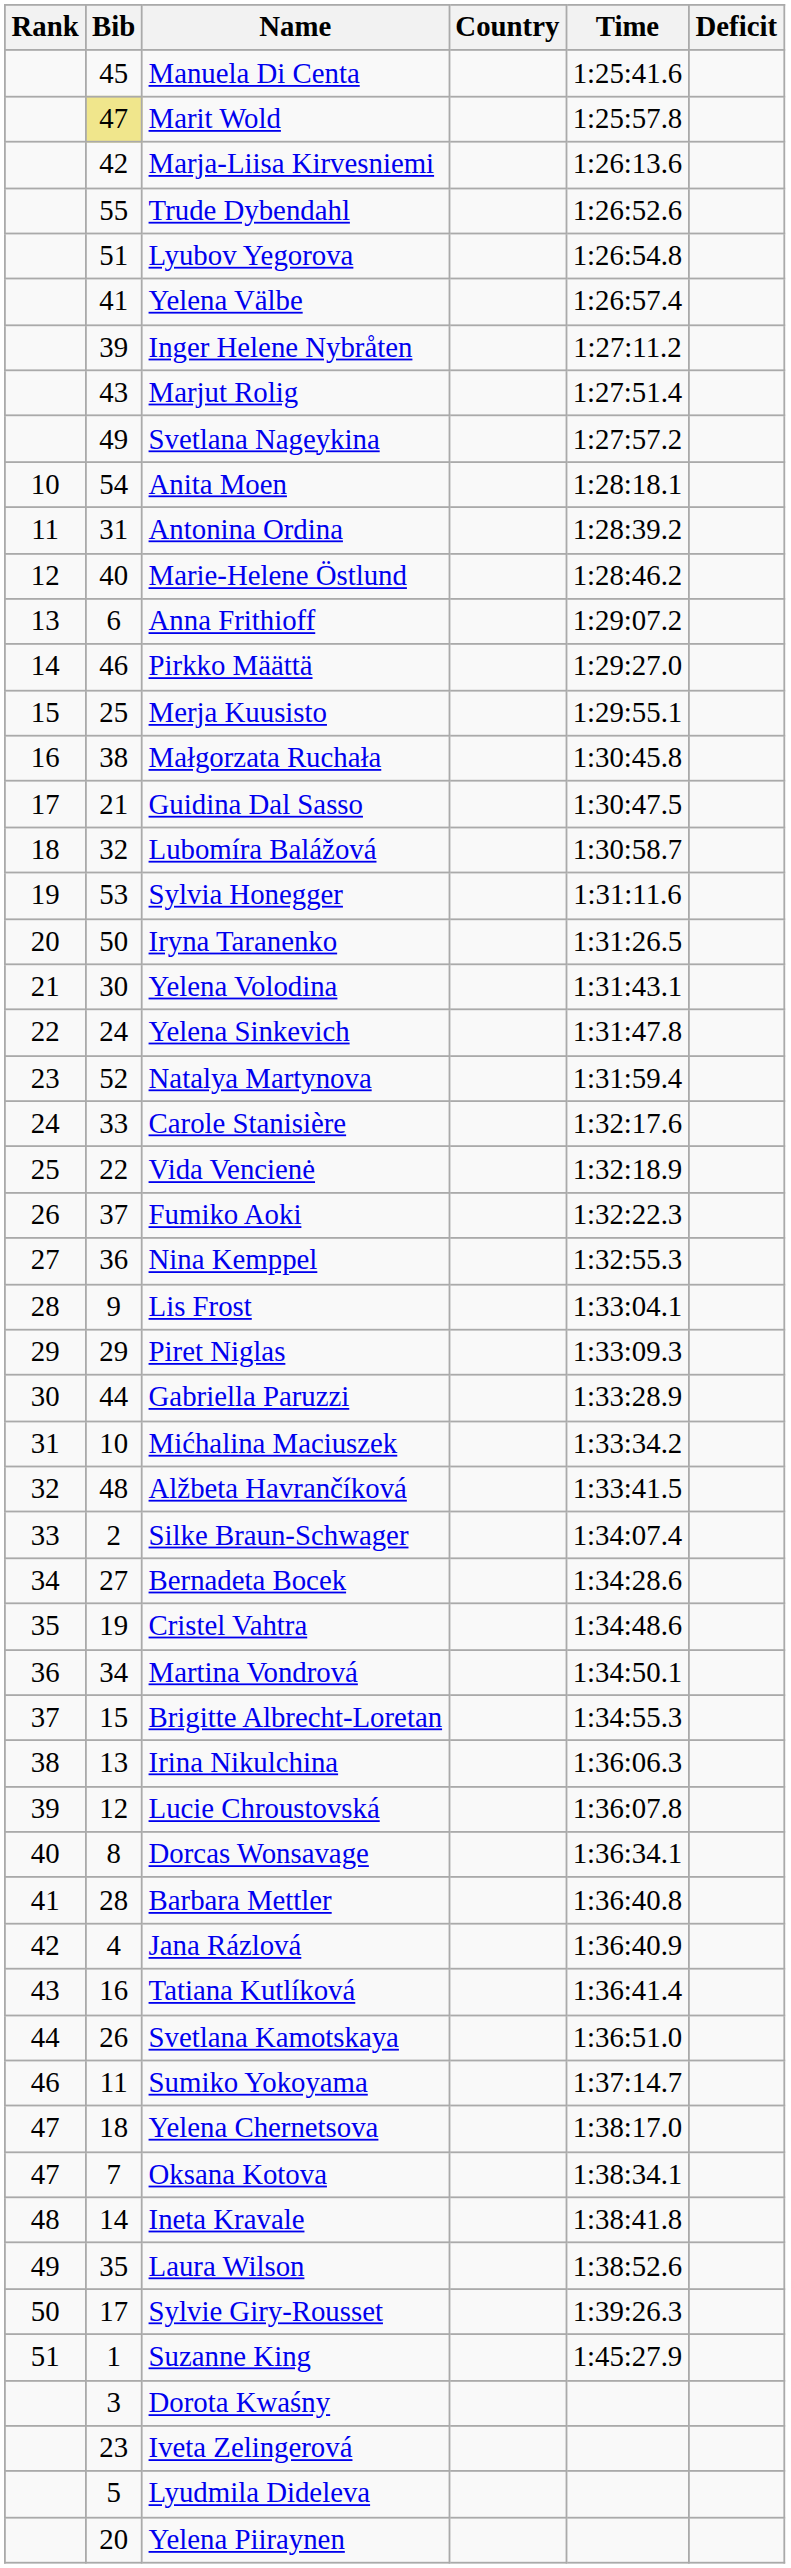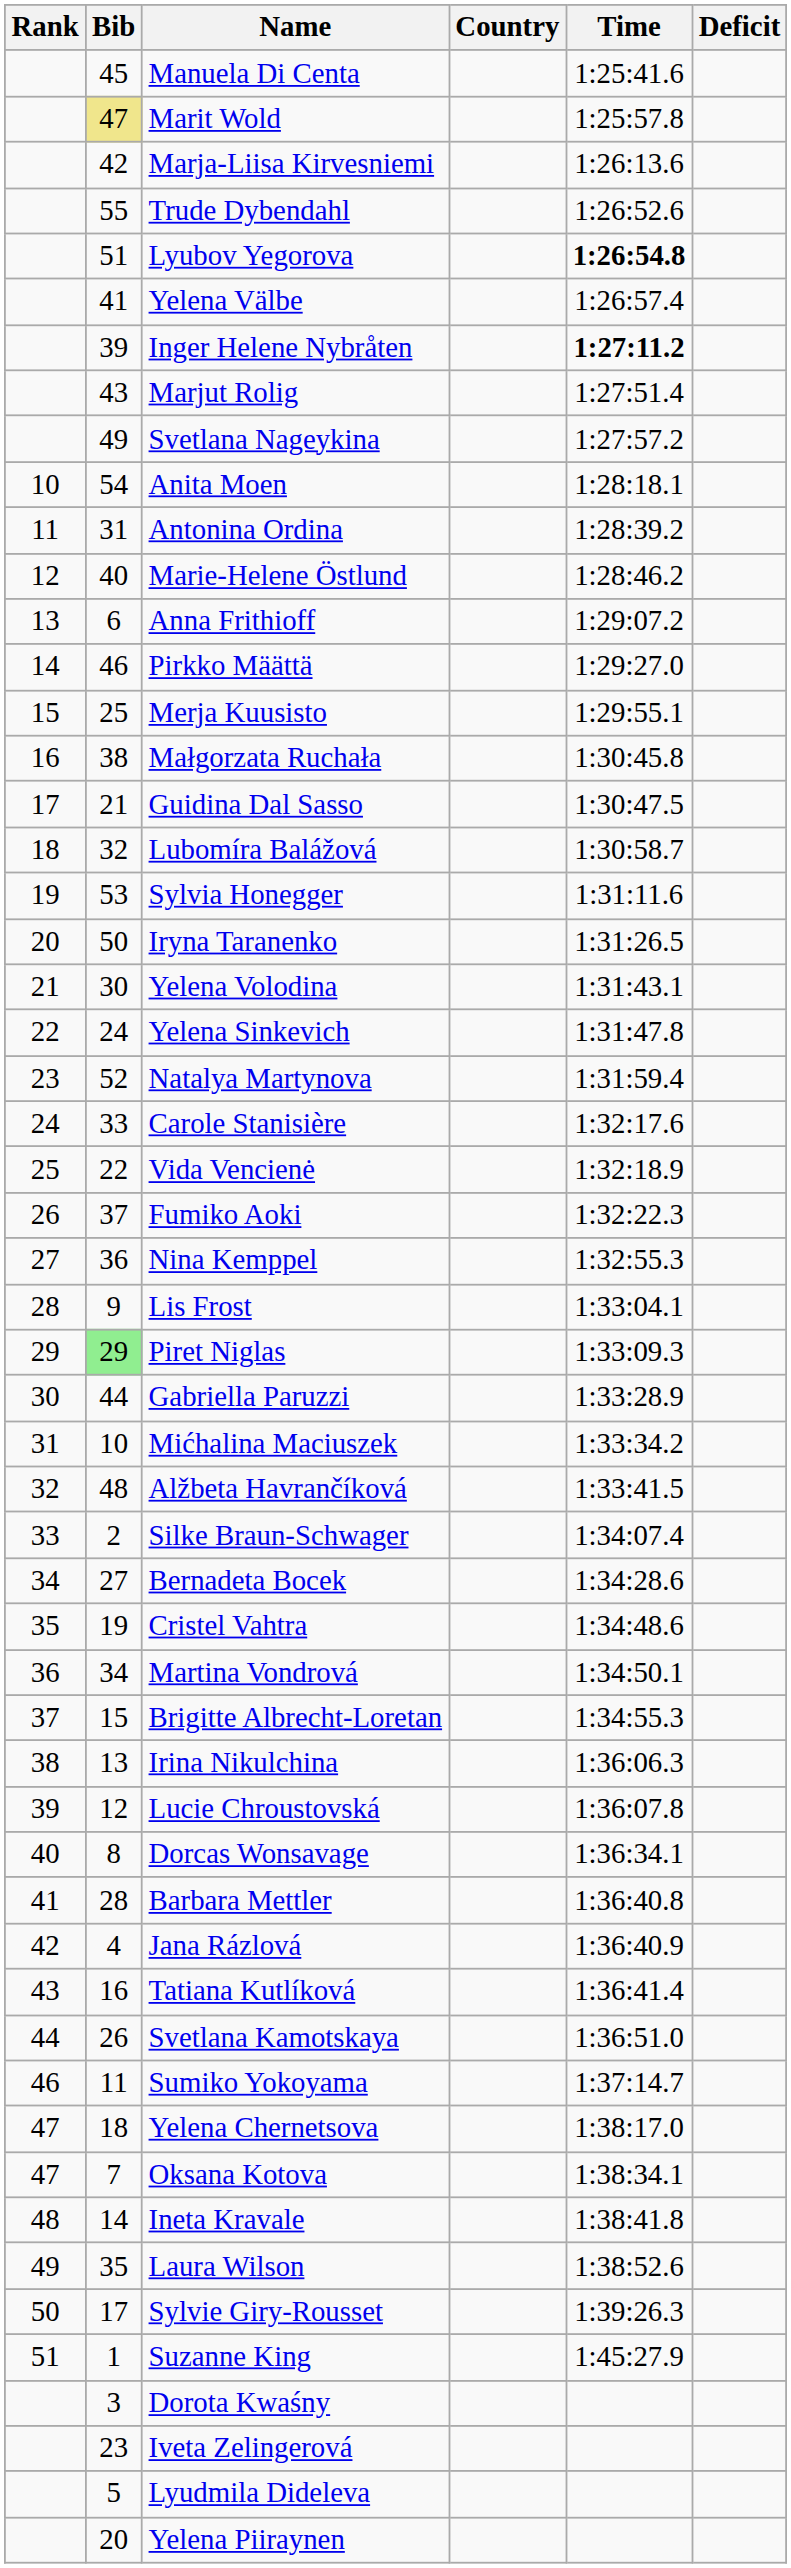 <table class="wikitable sortable" style="text-align:center">
 <tr>
 <th>Rank</th>
 <th>Bib</th>
 <th>Name</th>
 <th>Country</th>
 <th>Time</th>
 <th>Deficit</th>
 </tr>
 <tr>
 <td></td>
 <td>45</td>
 <td align="left"><a href='#'>Manuela Di Centa</a></td>
 <td align="left"></td>
 <td>1:25:41.6</td>
 <td></td>
 </tr>
 <tr>
 <td></td>
 <td style="background: khaki;">47</td>
 <td align="left"><a href='#'>Marit Wold</a></td>
 <td align="left"></td>
 <td>1:25:57.8</td>
 <td align=right></td>
 </tr>
 <tr>
 <td></td>
 <td>42</td>
 <td align="left"><a href='#'>Marja-Liisa Kirvesniemi</a></td>
 <td align="left"></td>
 <td>1:26:13.6</td>
 <td align=right></td>
 </tr>
 <tr>
 <td></td>
 <td>55</td>
 <td align="left"><a href='#'>Trude Dybendahl</a></td>
 <td align="left"></td>
 <td>1:26:52.6</td>
 <td align=right></td>
 </tr>
 <tr>
 <td></td>
 <td>51</td>
 <td align="left"><a href='#'>Lyubov Yegorova</a></td>
 <td align="left"></td>
-<td>1:26:54.8</td>
+<td><strong>1:26:54.8</strong></td>
 <td align=right></td>
 </tr>
 <tr>
 <td></td>
 <td>41</td>
 <td align="left"><a href='#'>Yelena Välbe</a></td>
 <td align="left"></td>
 <td>1:26:57.4</td>
 <td align=right></td>
 </tr>
 <tr>
 <td></td>
 <td>39</td>
 <td align="left"><a href='#'>Inger Helene Nybråten</a></td>
 <td align="left"></td>
-<td>1:27:11.2</td>
+<td><strong>1:27:11.2</strong></td>
 <td align=right></td>
 </tr>
 <tr>
 <td></td>
 <td>43</td>
 <td align="left"><a href='#'>Marjut Rolig</a></td>
 <td align="left"></td>
 <td>1:27:51.4</td>
 <td align=right></td>
 </tr>
 <tr>
 <td></td>
 <td>49</td>
 <td align="left"><a href='#'>Svetlana Nageykina</a></td>
 <td align="left"></td>
 <td>1:27:57.2</td>
 <td align=right></td>
 </tr>
 <tr>
 <td>10</td>
 <td>54</td>
 <td align="left"><a href='#'>Anita Moen</a></td>
 <td align="left"></td>
 <td>1:28:18.1</td>
 <td align=right></td>
 </tr>
 <tr>
 <td>11</td>
 <td>31</td>
 <td align="left"><a href='#'>Antonina Ordina</a></td>
 <td align="left"></td>
 <td>1:28:39.2</td>
 <td align=right></td>
 </tr>
 <tr>
 <td>12</td>
 <td>40</td>
 <td align="left"><a href='#'>Marie-Helene Östlund</a></td>
 <td align="left"></td>
 <td>1:28:46.2</td>
 <td align=right></td>
 </tr>
 <tr>
 <td>13</td>
 <td>6</td>
 <td align="left"><a href='#'>Anna Frithioff</a></td>
 <td align="left"></td>
 <td>1:29:07.2</td>
 <td align=right></td>
 </tr>
 <tr>
 <td>14</td>
 <td>46</td>
 <td align="left"><a href='#'>Pirkko Määttä</a></td>
 <td align="left"></td>
 <td>1:29:27.0</td>
 <td align=right></td>
 </tr>
 <tr>
 <td>15</td>
 <td>25</td>
 <td align="left"><a href='#'>Merja Kuusisto</a></td>
 <td align="left"></td>
 <td>1:29:55.1</td>
 <td align=right></td>
 </tr>
 <tr>
 <td>16</td>
 <td>38</td>
 <td align="left"><a href='#'>Małgorzata Ruchała</a></td>
 <td align="left"></td>
 <td>1:30:45.8</td>
 <td align=right></td>
 </tr>
 <tr>
 <td>17</td>
 <td>21</td>
 <td align="left"><a href='#'>Guidina Dal Sasso</a></td>
 <td align="left"></td>
 <td>1:30:47.5</td>
 <td align=right></td>
 </tr>
 <tr>
 <td>18</td>
 <td>32</td>
 <td align="left"><a href='#'>Lubomíra Balážová</a></td>
 <td align="left"></td>
 <td>1:30:58.7</td>
 <td align=right></td>
 </tr>
 <tr>
 <td>19</td>
 <td>53</td>
 <td align="left"><a href='#'>Sylvia Honegger</a></td>
 <td align="left"></td>
 <td>1:31:11.6</td>
 <td align=right></td>
 </tr>
 <tr>
 <td>20</td>
 <td>50</td>
 <td align="left"><a href='#'>Iryna Taranenko</a></td>
 <td align="left"></td>
 <td>1:31:26.5</td>
 <td align=right></td>
 </tr>
 <tr>
 <td>21</td>
 <td>30</td>
 <td align="left"><a href='#'>Yelena Volodina</a></td>
 <td align="left"></td>
 <td>1:31:43.1</td>
 <td align=right></td>
 </tr>
 <tr>
 <td>22</td>
 <td>24</td>
 <td align="left"><a href='#'>Yelena Sinkevich</a></td>
 <td align="left"></td>
 <td>1:31:47.8</td>
 <td align=right></td>
 </tr>
 <tr>
 <td>23</td>
 <td>52</td>
 <td align="left"><a href='#'>Natalya Martynova</a></td>
 <td align="left"></td>
 <td>1:31:59.4</td>
 <td align=right></td>
 </tr>
 <tr>
 <td>24</td>
 <td>33</td>
 <td align="left"><a href='#'>Carole Stanisière</a></td>
 <td align="left"></td>
 <td>1:32:17.6</td>
 <td align=right></td>
 </tr>
 <tr>
 <td>25</td>
 <td>22</td>
 <td align="left"><a href='#'>Vida Vencienė</a></td>
 <td align="left"></td>
 <td>1:32:18.9</td>
 <td align=right></td>
 </tr>
 <tr>
 <td>26</td>
 <td>37</td>
 <td align="left"><a href='#'>Fumiko Aoki</a></td>
 <td align="left"></td>
 <td>1:32:22.3</td>
 <td align=right></td>
 </tr>
 <tr>
 <td>27</td>
 <td>36</td>
 <td align="left"><a href='#'>Nina Kemppel</a></td>
 <td align="left"></td>
 <td>1:32:55.3</td>
 <td align=right></td>
 </tr>
 <tr>
 <td>28</td>
 <td>9</td>
 <td align="left"><a href='#'>Lis Frost</a></td>
 <td align="left"></td>
 <td>1:33:04.1</td>
 <td align=right></td>
 </tr>
 <tr>
 <td>29</td>
-<td>29</td>
+<td style="background: lightgreen;">29</td>
 <td align="left"><a href='#'>Piret Niglas</a></td>
 <td align="left"></td>
 <td>1:33:09.3</td>
 <td align=right></td>
 </tr>
 <tr>
 <td>30</td>
 <td>44</td>
 <td align="left"><a href='#'>Gabriella Paruzzi</a></td>
 <td align="left"></td>
 <td>1:33:28.9</td>
 <td align=right></td>
 </tr>
 <tr>
 <td>31</td>
 <td>10</td>
 <td align="left"><a href='#'>Mićhalina Maciuszek</a></td>
 <td align="left"></td>
 <td>1:33:34.2</td>
 <td align=right></td>
 </tr>
 <tr>
 <td>32</td>
 <td>48</td>
 <td align="left"><a href='#'>Alžbeta Havrančíková</a></td>
 <td align="left"></td>
 <td>1:33:41.5</td>
 <td align=right></td>
 </tr>
 <tr>
 <td>33</td>
 <td>2</td>
 <td align="left"><a href='#'>Silke Braun-Schwager</a></td>
 <td align="left"></td>
 <td>1:34:07.4</td>
 <td align=right></td>
 </tr>
 <tr>
 <td>34</td>
 <td>27</td>
 <td align="left"><a href='#'>Bernadeta Bocek</a></td>
 <td align="left"></td>
 <td>1:34:28.6</td>
 <td align=right></td>
 </tr>
 <tr>
 <td>35</td>
 <td>19</td>
 <td align="left"><a href='#'>Cristel Vahtra</a></td>
 <td align="left"></td>
 <td>1:34:48.6</td>
 <td align=right></td>
 </tr>
 <tr>
 <td>36</td>
 <td>34</td>
 <td align="left"><a href='#'>Martina Vondrová</a></td>
 <td align="left"></td>
 <td>1:34:50.1</td>
 <td align=right></td>
 </tr>
 <tr>
 <td>37</td>
 <td>15</td>
 <td align="left"><a href='#'>Brigitte Albrecht-Loretan</a></td>
 <td align="left"></td>
 <td>1:34:55.3</td>
 <td align=right></td>
 </tr>
 <tr>
 <td>38</td>
 <td>13</td>
 <td align="left"><a href='#'>Irina Nikulchina</a></td>
 <td align="left"></td>
 <td>1:36:06.3</td>
 <td align=right></td>
 </tr>
 <tr>
 <td>39</td>
 <td>12</td>
 <td align="left"><a href='#'>Lucie Chroustovská</a></td>
 <td align="left"></td>
 <td>1:36:07.8</td>
 <td align=right></td>
 </tr>
 <tr>
 <td>40</td>
 <td>8</td>
 <td align="left"><a href='#'>Dorcas Wonsavage</a></td>
 <td align="left"></td>
 <td>1:36:34.1</td>
 <td align=right></td>
 </tr>
 <tr>
 <td>41</td>
 <td>28</td>
 <td align="left"><a href='#'>Barbara Mettler</a></td>
 <td align="left"></td>
 <td>1:36:40.8</td>
 <td align=right></td>
 </tr>
 <tr>
 <td>42</td>
 <td>4</td>
 <td align="left"><a href='#'>Jana Rázlová</a></td>
 <td align="left"></td>
 <td>1:36:40.9</td>
 <td align=right></td>
 </tr>
 <tr>
 <td>43</td>
 <td>16</td>
 <td align="left"><a href='#'>Tatiana Kutlíková</a></td>
 <td align="left"></td>
 <td>1:36:41.4</td>
 <td align=right></td>
 </tr>
 <tr>
 <td>44</td>
 <td>26</td>
 <td align="left"><a href='#'>Svetlana Kamotskaya</a></td>
 <td align="left"></td>
 <td>1:36:51.0</td>
 <td align=right></td>
 </tr>
 <tr>
 <td>46</td>
 <td>11</td>
 <td align="left"><a href='#'>Sumiko Yokoyama</a></td>
 <td align="left"></td>
 <td>1:37:14.7</td>
 <td align=right></td>
 </tr>
 <tr>
 <td>47</td>
 <td>18</td>
 <td align="left"><a href='#'>Yelena Chernetsova</a></td>
 <td align="left"></td>
 <td>1:38:17.0</td>
 <td align=right></td>
 </tr>
 <tr>
 <td>47</td>
 <td>7</td>
 <td align="left"><a href='#'>Oksana Kotova</a></td>
 <td align="left"></td>
 <td>1:38:34.1</td>
 <td align=right></td>
 </tr>
 <tr>
 <td>48</td>
 <td>14</td>
 <td align="left"><a href='#'>Ineta Kravale</a></td>
 <td align="left"></td>
 <td>1:38:41.8</td>
 <td align=right></td>
 </tr>
 <tr>
 <td>49</td>
 <td>35</td>
 <td align="left"><a href='#'>Laura Wilson</a></td>
 <td align="left"></td>
 <td>1:38:52.6</td>
 <td align=right></td>
 </tr>
 <tr>
 <td>50</td>
 <td>17</td>
 <td align="left"><a href='#'>Sylvie Giry-Rousset</a></td>
 <td align="left"></td>
 <td>1:39:26.3</td>
 <td align=right></td>
 </tr>
 <tr>
 <td>51</td>
 <td>1</td>
 <td align="left"><a href='#'>Suzanne King</a></td>
 <td align="left"></td>
 <td>1:45:27.9</td>
 <td align=right></td>
 </tr>
 <tr>
 <td></td>
 <td>3</td>
 <td align="left"><a href='#'>Dorota Kwaśny</a></td>
 <td align="left"></td>
 <td></td>
 <td></td>
 </tr>
 <tr>
 <td></td>
 <td>23</td>
 <td align="left"><a href='#'>Iveta Zelingerová</a></td>
 <td align="left"></td>
 <td></td>
 <td></td>
 </tr>
 <tr>
 <td></td>
 <td>5</td>
 <td align="left"><a href='#'>Lyudmila Dideleva</a></td>
 <td align="left"></td>
 <td></td>
 <td></td>
 </tr>
 <tr>
 <td></td>
 <td>20</td>
 <td align="left"><a href='#'>Yelena Piiraynen</a></td>
 <td align="left"></td>
 <td></td>
 <td></td>
 </tr>
 </table>
